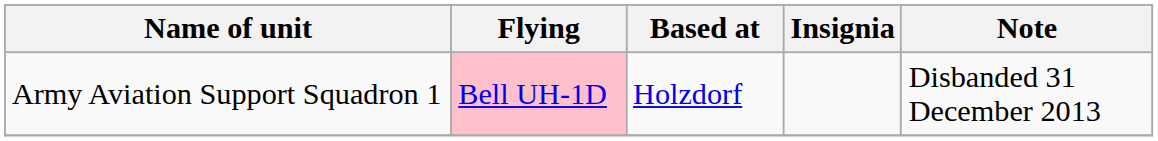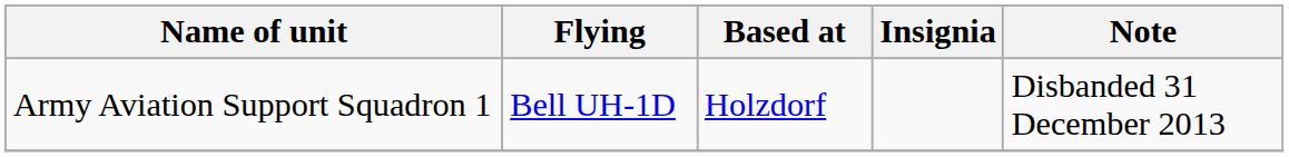 <table class="wikitable">
 <tr>
 <th width="450">Name of unit</th>
 <th width="140">Flying</th>
 <th width="100">Based at</th>
 <th width="50">Insignia</th>
 <th width="200">Note</th>
 </tr>
 <tr>
 <td>Army Aviation Support Squadron 1</td>
-<td style="background: pink;"><a href='#'>Bell UH-1D</a></td>
+<td><a href='#'>Bell UH-1D</a></td>
 <td><a href='#'>Holzdorf</a></td>
 <td></td>
 <td>Disbanded 31 December 2013</td>
 </tr>
 <tr>
 </tr>
 </table>
